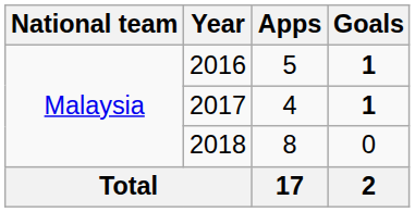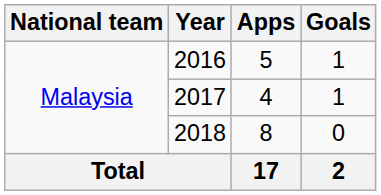 <table class=wikitable style="text-align: center;">
 <tr>
 <th>National team</th>
 <th>Year</th>
 <th>Apps</th>
 <th>Goals</th>
 </tr>
 <tr>
 <td rowspan=3><a href='#'>Malaysia</a></td>
 <td>2016</td>
 <td>5</td>
-<td><strong>1</strong></td>
+<td>1</td>
 </tr>
 <tr>
 <td>2017</td>
 <td>4</td>
-<td><strong>1</strong></td>
+<td>1</td>
 </tr>
 <tr>
 <td>2018</td>
 <td>8</td>
 <td>0</td>
 </tr>
 <tr>
 <th colspan=2>Total</th>
 <th>17</th>
 <th>2</th>
 </tr>
 </table>
